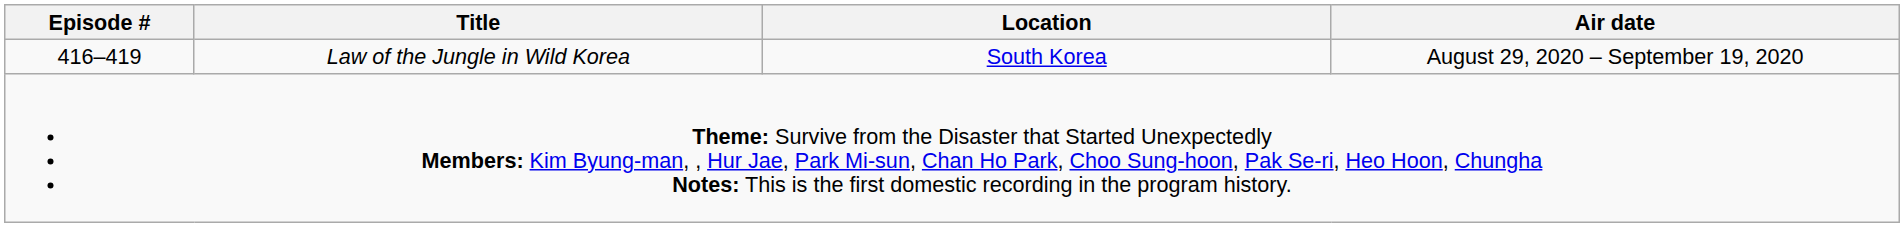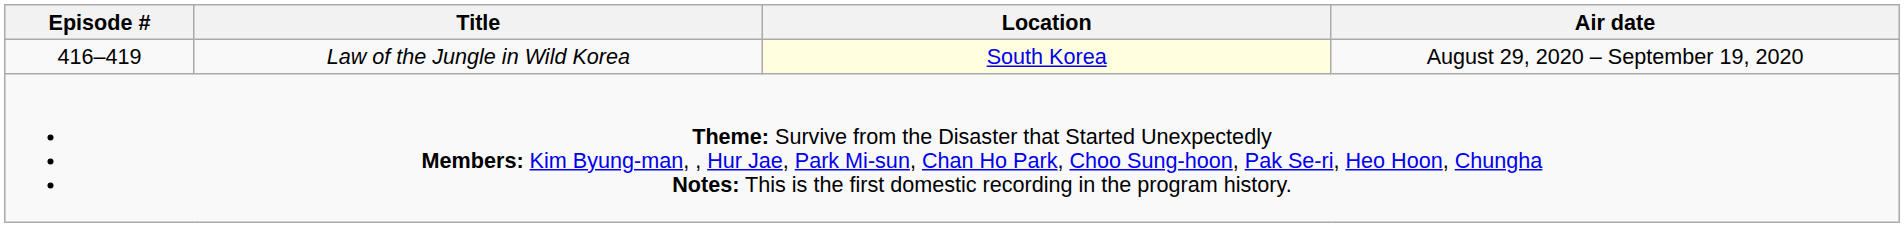 <table class="wikitable" style="text-align:center; font-size:90%; width:100%;">
 <tr>
 <th width="10%">Episode #</th>
 <th width="30%">Title</th>
 <th width="30%">Location</th>
 <th width="30%">Air date</th>
 </tr>
 <tr>
 <td>416–419</td>
 <td><em>Law of the Jungle in Wild Korea</em></td>
-<td><a href='#'>South Korea</a></td>
+<td style="background: lightyellow;"><a href='#'>South Korea</a></td>
 <td>August 29, 2020 – September 19, 2020</td>
 </tr>
 <tr>
 <td colspan="4"><br><ul><li><strong>Theme:</strong> Survive from the Disaster that Started Unexpectedly</li><li><strong>Members:</strong> <a href='#'>Kim Byung-man</a>, , <a href='#'>Hur Jae</a>, <a href='#'>Park Mi-sun</a>, <a href='#'>Chan Ho Park</a>, <a href='#'>Choo Sung-hoon</a>, <a href='#'>Pak Se-ri</a>, <a href='#'>Heo Hoon</a>, <a href='#'>Chungha</a></li><li><strong>Notes:</strong> This is the first domestic recording in the program history.</li></ul></td>
 </tr>
 </table>
